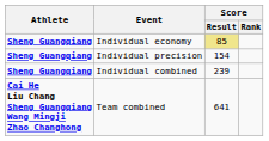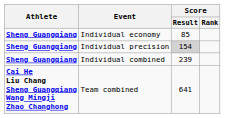 <table class=wikitable style="font-size:90%">
 <tr>
 <th rowspan="2">Athlete</th>
 <th rowspan="2">Event</th>
 <th colspan="2">Score</th>
 </tr>
 <tr style="font-size:95%">
 <th>Result</th>
 <th>Rank</th>
 </tr>
 <tr align=center>
 <td align=left><strong><a href='#'>Sheng Guangqiang</a></strong></td>
 <td align=left rowspan=1>Individual economy</td>
-<td style="background: khaki;">85</td>
+<td>85</td>
 <td></td>
 </tr>
 <tr align=center>
 <td align=left><strong><a href='#'>Sheng Guangqiang</a></strong></td>
 <td align=left rowspan=1>Individual precision</td>
-<td>154</td>
+<td style="background: lightgrey;">154</td>
 <td></td>
 </tr>
 <tr align=center>
 <td align=left><strong><a href='#'>Sheng Guangqiang</a></strong></td>
 <td align=left rowspan=1>Individual combined</td>
 <td>239</td>
 <td></td>
 </tr>
 <tr align=center>
 <td align=left><strong><a href='#'>Cai He</a><br>Liu Chang<br><a href='#'>Sheng Guangqiang</a><br><a href='#'>Wang Mingji</a><br><a href='#'>Zhao Changhong</a></strong></td>
 <td align=left rowspan=1>Team combined</td>
 <td>641</td>
 <td></td>
 </tr>
 </table>
